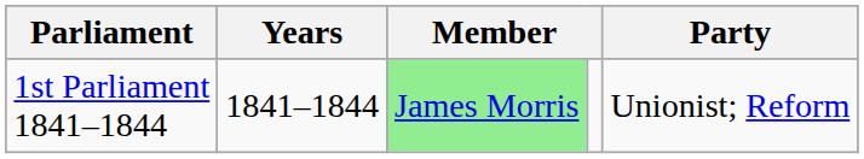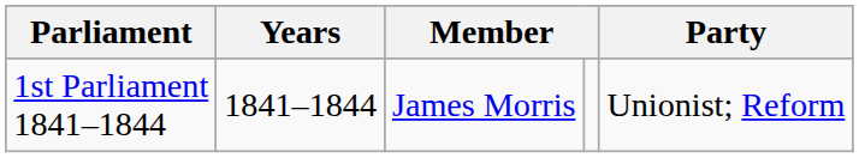 <table class="wikitable">
 <tr>
 <th>Parliament</th>
 <th>Years</th>
 <th colspan="2">Member</th>
 <th>Party</th>
 </tr>
 <tr>
 <td><a href='#'>1st Parliament</a><br>1841–1844</td>
 <td>1841–1844</td>
-<td style="background: lightgreen;"><a href='#'>James Morris</a></td>
+<td><a href='#'>James Morris</a></td>
 <td></td>
 <td>Unionist;  <a href='#'>Reform</a></td>
 </tr>
 </table>
